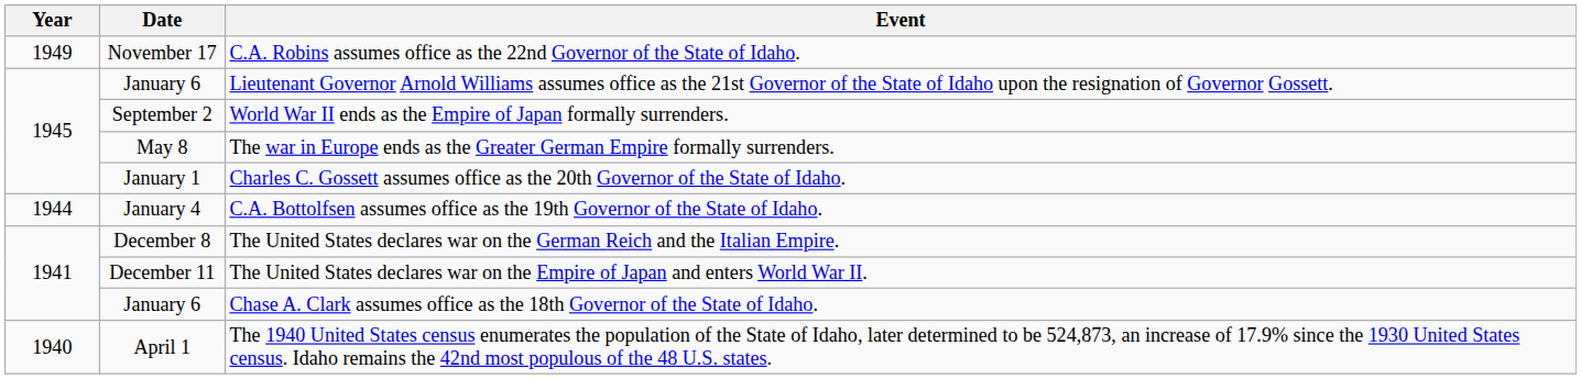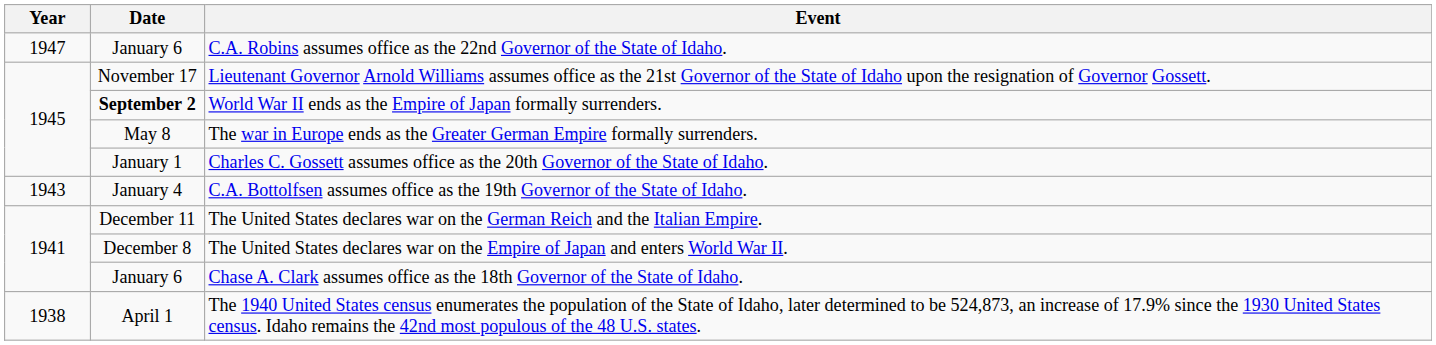 <table class="wikitable" style="width:100%;">
 <tr>
 <th style="width:6%">Year</th>
 <th style="width:8%">Date</th>
 <th style="width:86%">Event</th>
 </tr>
 <tr>
-<td align=center rowspan=1>1949</td>
-<td align=center>November 17</td>
+<td align=center rowspan=1>1947</td>
+<td align=center>January 6</td>
 <td><a href='#'>C.A. Robins</a> assumes office as the 22nd <a href='#'>Governor of the State of Idaho</a>.</td>
 </tr>
 <tr>
 <td align=center rowspan=4>1945</td>
-<td align=center>January 6</td>
+<td align=center>November 17</td>
 <td><a href='#'>Lieutenant Governor</a> <a href='#'>Arnold Williams</a> assumes office as the 21st <a href='#'>Governor of the State of Idaho</a> upon the resignation of <a href='#'>Governor</a> <a href='#'>Gossett</a>.</td>
 </tr>
 <tr>
-<td align=center>September 2</td>
+<td align=center><strong>September 2</strong></td>
 <td><a href='#'>World War II</a> ends as the <a href='#'>Empire of Japan</a> formally surrenders.</td>
 </tr>
 <tr>
 <td align=center>May 8</td>
 <td>The <a href='#'>war in Europe</a> ends as the <a href='#'>Greater German Empire</a> formally surrenders.</td>
 </tr>
 <tr>
 <td align=center>January 1</td>
 <td><a href='#'>Charles C. Gossett</a> assumes office as the 20th <a href='#'>Governor of the State of Idaho</a>.</td>
 </tr>
 <tr>
-<td align=center rowspan=1>1944</td>
+<td align=center rowspan=1>1943</td>
 <td align=center>January 4</td>
 <td><a href='#'>C.A. Bottolfsen</a> assumes office as the 19th <a href='#'>Governor of the State of Idaho</a>.</td>
 </tr>
 <tr>
 <td align=center rowspan=3>1941</td>
-<td align=center>December 8</td>
+<td align=center>December 11</td>
 <td>The United States declares war on the <a href='#'>German Reich</a> and the <a href='#'>Italian Empire</a>.</td>
 </tr>
 <tr>
-<td align=center>December 11</td>
+<td align=center>December 8</td>
 <td>The United States declares war on the <a href='#'>Empire of Japan</a> and enters <a href='#'>World War II</a>.</td>
 </tr>
 <tr>
 <td align=center>January 6</td>
 <td><a href='#'>Chase A. Clark</a> assumes office as the 18th <a href='#'>Governor of the State of Idaho</a>.</td>
 </tr>
 <tr>
-<td align=center rowspan=1>1940</td>
+<td align=center rowspan=1>1938</td>
 <td align=center>April 1</td>
 <td>The <a href='#'>1940 United States census</a> enumerates the population of the State of Idaho, later determined to be 524,873, an increase of 17.9% since the <a href='#'>1930 United States census</a>. Idaho remains the <a href='#'>42nd most populous of the 48 U.S. states</a>.</td>
 </tr>
 </table>
